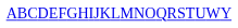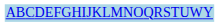 <table id="toc" class="toc" summary="Class">
 <tr>
 <th></th>
 </tr>
 <tr>
-<td style="text-align:center;"><a href='#'>A</a><a href='#'>B</a><a href='#'>C</a><a href='#'>D</a><a href='#'>E</a><a href='#'>F</a><a href='#'>G</a><a href='#'>H</a><a href='#'>I</a><a href='#'>J</a><a href='#'>K</a><a href='#'>L</a><a href='#'>M</a><a href='#'>N</a><a href='#'>O</a><a href='#'>Q</a><a href='#'>R</a><a href='#'>S</a><a href='#'>T</a><a href='#'>U</a><a href='#'>W</a><a href='#'>Y</a></td>
+<td style="background: lightblue; text-align:center;"><a href='#'>A</a><a href='#'>B</a><a href='#'>C</a><a href='#'>D</a><a href='#'>E</a><a href='#'>F</a><a href='#'>G</a><a href='#'>H</a><a href='#'>I</a><a href='#'>J</a><a href='#'>K</a><a href='#'>L</a><a href='#'>M</a><a href='#'>N</a><a href='#'>O</a><a href='#'>Q</a><a href='#'>R</a><a href='#'>S</a><a href='#'>T</a><a href='#'>U</a><a href='#'>W</a><a href='#'>Y</a></td>
 </tr>
 </table>
